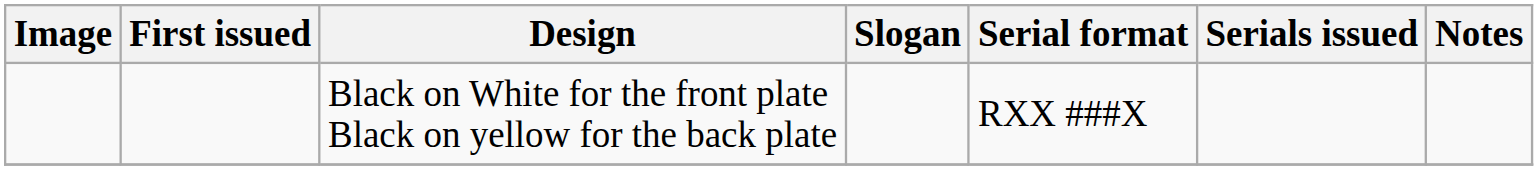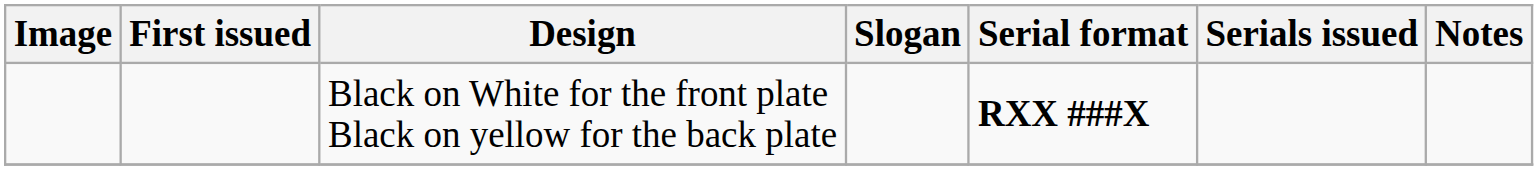 <table class="wikitable">
 <tr>
 <th>Image</th>
 <th>First issued</th>
 <th>Design</th>
 <th>Slogan</th>
 <th>Serial format</th>
 <th>Serials issued</th>
 <th>Notes</th>
 </tr>
 <tr>
 <td><br></td>
 <td></td>
 <td>Black on White for the front plate<br>Black on yellow for the back plate</td>
 <td></td>
-<td>RXX ###X</td>
+<td><strong>RXX ###X</strong></td>
 <td></td>
 <td></td>
 </tr>
 <tr>
 </tr>
 </table>
